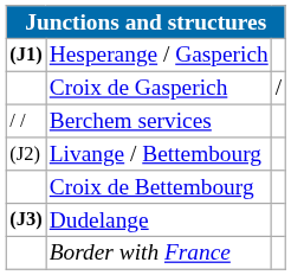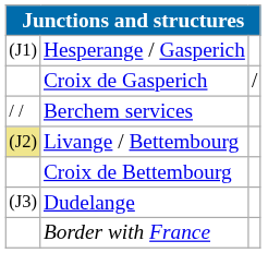 <table border="1" cellpadding="2" cellspacing="0" align="left" style="margin-left:0.5em; border:1px solid #aaa; border-collapse:collapse;">
 <tr>
 <td colspan=3 style="color:#ffffff;background-color:#006CAC; text-align: center;"><strong>Junctions and structures</strong></td>
 </tr>
 <tr>
-<td cellpadding="0" cellspacing="0"  style="font-size:85%; margin:12px"><strong> (J1)</strong></td>
+<td cellpadding="0" cellspacing="0"  style="font-size:85%; margin:12px"> (J1)</td>
 <td><a href='#'>Hesperange</a> / <a href='#'>Gasperich</a></td>
 <td></td>
 </tr>
 <tr>
 <td style="font-size:85%;"></td>
 <td><a href='#'>Croix de Gasperich</a></td>
 <td> / </td>
 </tr>
 <tr>
 <td style="font-size:85%;"> /  / </td>
 <td><a href='#'>Berchem services</a></td>
 <td></td>
 </tr>
 <tr>
-<td style="font-size:85%;"> (J2)</td>
+<td style="background: khaki; font-size:85%;"> (J2)</td>
 <td><a href='#'>Livange</a> / <a href='#'>Bettembourg</a></td>
 <td></td>
 </tr>
 <tr>
 <td style="font-size:85%;"></td>
 <td><a href='#'>Croix de Bettembourg</a></td>
 <td></td>
 </tr>
 <tr>
-<td style="font-size:85%;"><strong> (J3)</strong></td>
+<td style="font-size:85%;"> (J3)</td>
 <td><a href='#'>Dudelange</a></td>
 <td></td>
 </tr>
 <tr>
 <td style="font-size:85%;"></td>
 <td><em>Border with <a href='#'>France</a></em></td>
 <td></td>
 </tr>
 </table>
